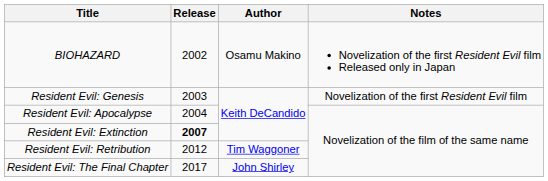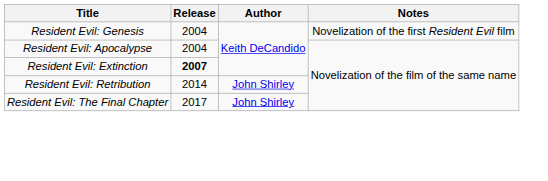 <table class="wikitable">
 <tr>
 <th scope="col">Title</th>
 <th scope="col">Release</th>
 <th scope="col">Author</th>
 <th scope="col">Notes</th>
 </tr>
 <tr style="text-align: center;">
-<td><em>BIOHAZARD</em></td>
-<td>2002</td>
-<td>Osamu Makino</td>
-<td style="text-align: left;"><br><ul><li>Novelization of the first <em>Resident Evil</em> film</li><li>Released only in Japan</li></ul></td>
-</tr>
-<tr style="text-align: center;">
 <td><em>Resident Evil: Genesis</em></td>
-<td>2003</td>
+<td>2004</td>
 <td rowspan="3"><a href='#'>Keith DeCandido</a></td>
 <td>Novelization of the first <em>Resident Evil</em> film</td>
 </tr>
 <tr style="text-align: center;">
 <td><em>Resident Evil: Apocalypse</em></td>
 <td>2004</td>
 <td rowspan="4">Novelization of the film of the same name</td>
 </tr>
 <tr style="text-align: center;">
 <td><em>Resident Evil: Extinction</em></td>
 <td><strong>2007</strong></td>
 </tr>
 <tr style="text-align: center;">
 <td><em>Resident Evil: Retribution</em></td>
-<td>2012</td>
-<td><a href='#'>Tim Waggoner</a></td>
+<td>2014</td>
+<td><a href='#'>John Shirley</a></td>
 </tr>
 <tr style="text-align: center;">
 <td><em>Resident Evil: The Final Chapter</em></td>
 <td>2017</td>
 <td><a href='#'>John Shirley</a></td>
 </tr>
 </table>
